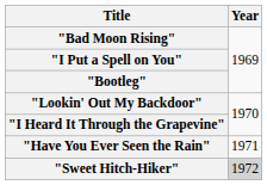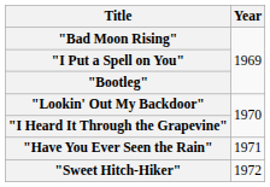 <table class="wikitable plainrowheaders">
 <tr>
 <th scope="col">Title</th>
 <th scope="col">Year</th>
 </tr>
 <tr>
 <th scope="row">"Bad Moon Rising"</th>
 <td rowspan="3">1969</td>
 </tr>
 <tr>
 <th scope="row">"I Put a Spell on You"</th>
 </tr>
 <tr>
 <th scope="row">"Bootleg"</th>
 </tr>
 <tr>
 <th scope="row">"Lookin' Out My Backdoor"</th>
 <td rowspan="2">1970</td>
 </tr>
 <tr>
 <th scope="row">"I Heard It Through the Grapevine"</th>
 </tr>
 <tr>
 <th scope="row">"Have You Ever Seen the Rain"</th>
 <td>1971</td>
 </tr>
 <tr>
 <th scope="row">"Sweet Hitch-Hiker"</th>
-<td style="background: lightgrey;">1972</td>
+<td>1972</td>
 </tr>
 </table>
